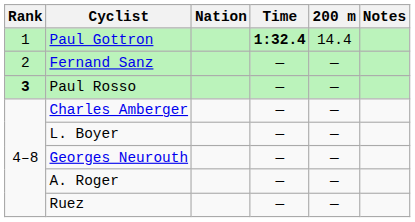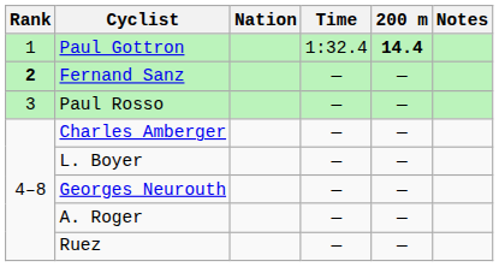 <table class="wikitable sortable" style="text-align:center">
 <tr>
 <th>Rank</th>
 <th>Cyclist</th>
 <th>Nation</th>
 <th>Time</th>
 <th>200 m</th>
 <th>Notes</th>
 </tr>
 <tr bgcolor=bbf3bb>
 <td>1</td>
 <td align=left><a href='#'>Paul Gottron</a></td>
 <td align=left></td>
-<td><strong>1:32.4</strong></td>
-<td>14.4</td>
+<td>1:32.4</td>
+<td><strong>14.4</strong></td>
 <td></td>
 </tr>
 <tr bgcolor=bbf3bb>
-<td>2</td>
+<td><strong>2</strong></td>
 <td align=left><a href='#'>Fernand Sanz</a></td>
 <td align=left></td>
 <td data-sort-value=9:99.9>—</td>
 <td data-sort-value=99.9>—</td>
 <td></td>
 </tr>
 <tr bgcolor=bbf3bb>
-<td><strong>3</strong></td>
+<td>3</td>
 <td align=left>Paul Rosso</td>
 <td align=left></td>
 <td data-sort-value=9:99.9>—</td>
 <td data-sort-value=99.9>—</td>
 <td></td>
 </tr>
 <tr>
 <td rowspan=5>4–8</td>
 <td align=left><a href='#'>Charles Amberger</a></td>
 <td align=left></td>
 <td data-sort-value=9:99.9>—</td>
 <td data-sort-value=99.9>—</td>
 <td></td>
 </tr>
 <tr>
 <td align=left>L. Boyer</td>
 <td align=left></td>
 <td data-sort-value=9:99.9>—</td>
 <td data-sort-value=99.9>—</td>
 <td></td>
 </tr>
 <tr>
 <td align=left><a href='#'>Georges Neurouth</a></td>
 <td align=left></td>
 <td data-sort-value=9:99.9>—</td>
 <td data-sort-value=99.9>—</td>
 <td></td>
 </tr>
 <tr>
 <td align=left>A. Roger</td>
 <td align=left></td>
 <td data-sort-value=9:99.9>—</td>
 <td data-sort-value=99.9>—</td>
 <td></td>
 </tr>
 <tr>
 <td align=left>Ruez</td>
 <td align=left></td>
 <td data-sort-value=9:99.9>—</td>
 <td data-sort-value=99.9>—</td>
 <td></td>
 </tr>
 </table>
